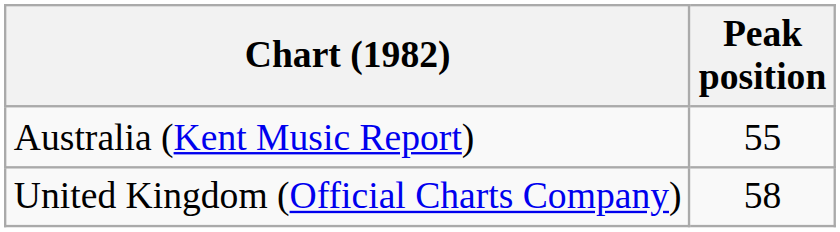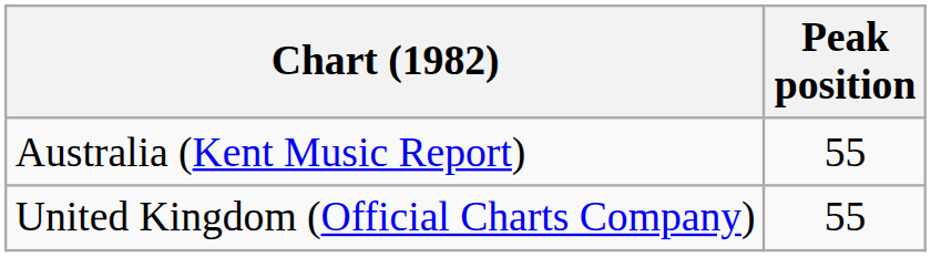 <table class="wikitable">
 <tr>
 <th scope="col">Chart (1982)</th>
 <th>Peak<br>position</th>
 </tr>
 <tr>
 <td>Australia (<a href='#'>Kent Music Report</a>)</td>
 <td style="text-align:center;">55</td>
 </tr>
 <tr>
 <td>United Kingdom (<a href='#'>Official Charts Company</a>)</td>
-<td style="text-align:center;">58</td>
+<td style="text-align:center;">55</td>
 </tr>
 </table>
